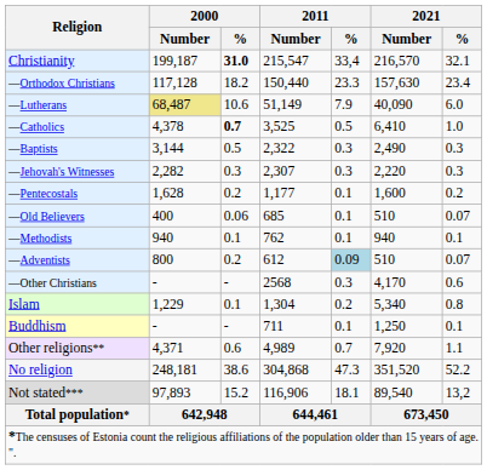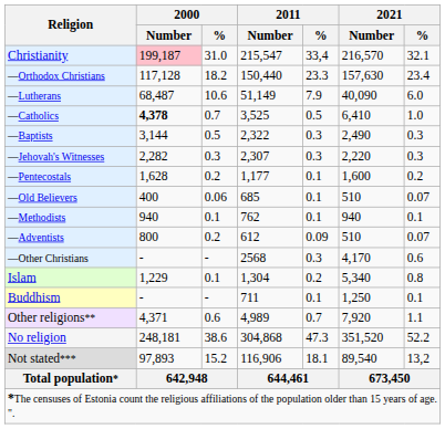 <table class="wikitable">
 <tr>
 <th rowspan="2">Religion</th>
 <th style="text-align:center;" colspan="2">2000</th>
 <th style="text-align:center;" colspan="2">2011</th>
 <th style="text-align:center;" colspan="2">2021</th>
 </tr>
 <tr>
 <th>Number</th>
 <th>%</th>
 <th>Number</th>
 <th>%</th>
 <th>Number</th>
 <th>%</th>
 </tr>
 <tr>
 <td style="background:#E0F0FF;"><a href='#'>Christianity</a></td>
-<td>199,187</td>
-<td><strong>31.0</strong></td>
+<td style="background: pink;">199,187</td>
+<td>31.0</td>
 <td>215,547</td>
 <td>33,4</td>
 <td>216,570</td>
 <td>32.1</td>
 </tr>
 <tr>
 <td style="background:#E0F0FF;"><small>—<a href='#'>Orthodox Christians</a></small></td>
 <td>117,128</td>
 <td>18.2</td>
 <td>150,440</td>
 <td>23.3</td>
 <td>157,630</td>
 <td>23.4</td>
 </tr>
 <tr>
 <td style="background:#E0F0FF;"><small>—<a href='#'>Lutherans</a></small></td>
-<td style="background: khaki;">68,487</td>
+<td>68,487</td>
 <td>10.6</td>
 <td>51,149</td>
 <td>7.9</td>
 <td>40,090</td>
 <td>6.0</td>
 </tr>
 <tr>
 <td style="background:#E0F0FF;"><small>—<a href='#'>Catholics</a></small></td>
-<td>4,378</td>
-<td><strong>0.7</strong></td>
+<td><strong>4,378</strong></td>
+<td>0.7</td>
 <td>3,525</td>
 <td>0.5</td>
 <td>6,410</td>
 <td>1.0</td>
 </tr>
 <tr>
 <td style="background:#E0F0FF;"><small>—<a href='#'>Baptists</a></small></td>
 <td>3,144</td>
 <td>0.5</td>
 <td>2,322</td>
 <td>0.3</td>
 <td>2,490</td>
 <td>0.3</td>
 </tr>
 <tr>
 <td style="background:#E0F0FF;"><small>—<a href='#'>Jehovah's Witnesses</a></small></td>
 <td>2,282</td>
 <td>0.3</td>
 <td>2,307</td>
 <td>0.3</td>
 <td>2,220</td>
 <td>0.3</td>
 </tr>
 <tr>
 <td style="background:#E0F0FF;"><small>—<a href='#'>Pentecostals</a></small></td>
 <td>1,628</td>
 <td>0.2</td>
 <td>1,177</td>
 <td>0.1</td>
 <td>1,600</td>
 <td>0.2</td>
 </tr>
 <tr>
 <td style="background:#E0F0FF;"><small>—<a href='#'>Old Believers</a></small></td>
 <td>400</td>
 <td>0.06</td>
 <td>685</td>
 <td>0.1</td>
 <td>510</td>
 <td>0.07</td>
 </tr>
 <tr>
 <td style="background:#E0F0FF;"><small>—<a href='#'>Methodists</a></small></td>
 <td>940</td>
 <td>0.1</td>
 <td>762</td>
 <td>0.1</td>
 <td>940</td>
 <td>0.1</td>
 </tr>
 <tr>
 <td style="background:#E0F0FF;"><small>—<a href='#'>Adventists</a></small></td>
 <td>800</td>
 <td>0.2</td>
 <td>612</td>
-<td style="background: lightblue;">0.09</td>
+<td>0.09</td>
 <td>510</td>
 <td>0.07</td>
 </tr>
 <tr>
 <td style="background:#E0F0FF;"><small>—Other Christians</small></td>
 <td>-</td>
 <td>-</td>
 <td>2568</td>
 <td>0.3</td>
 <td>4,170</td>
 <td>0.6</td>
 </tr>
 <tr>
 <td style="background:#E0FFD0;"><a href='#'>Islam</a></td>
 <td>1,229</td>
 <td>0.1</td>
 <td>1,304</td>
 <td>0.2</td>
 <td>5,340</td>
 <td>0.8</td>
 </tr>
 <tr>
 <td style="background:#FFFFC0;"><a href='#'>Buddhism</a></td>
 <td>-</td>
 <td>-</td>
 <td>711</td>
 <td>0.1</td>
 <td>1,250</td>
 <td>0.1</td>
 </tr>
 <tr>
 <td style="background:#F0E0FF;">Other religions<small>**</small></td>
 <td>4,371</td>
 <td>0.6</td>
 <td>4,989</td>
 <td>0.7</td>
 <td>7,920</td>
 <td>1.1</td>
 </tr>
 <tr>
 <td style="background:#F5F5F5;"><a href='#'>No religion</a></td>
 <td>248,181</td>
 <td>38.6</td>
 <td>304,868</td>
 <td>47.3</td>
 <td>351,520</td>
 <td>52.2</td>
 </tr>
 <tr>
 <td style="background:#DCDCDC;">Not stated<small>***</small></td>
 <td>97,893</td>
 <td>15.2</td>
 <td>116,906</td>
 <td>18.1</td>
 <td>89,540</td>
 <td>13,2</td>
 </tr>
 <tr>
 <th>Total population<small>*</small></th>
 <th colspan="2">642,948</th>
 <th colspan="2">644,461</th>
 <th colspan="2">673,450</th>
 </tr>
 <tr>
 <td colspan="7"><strong>*</strong><small>The censuses of Estonia count the religious affiliations of the population older than 15 years of age.</small><br><small>".</small></td>
 </tr>
 </table>
